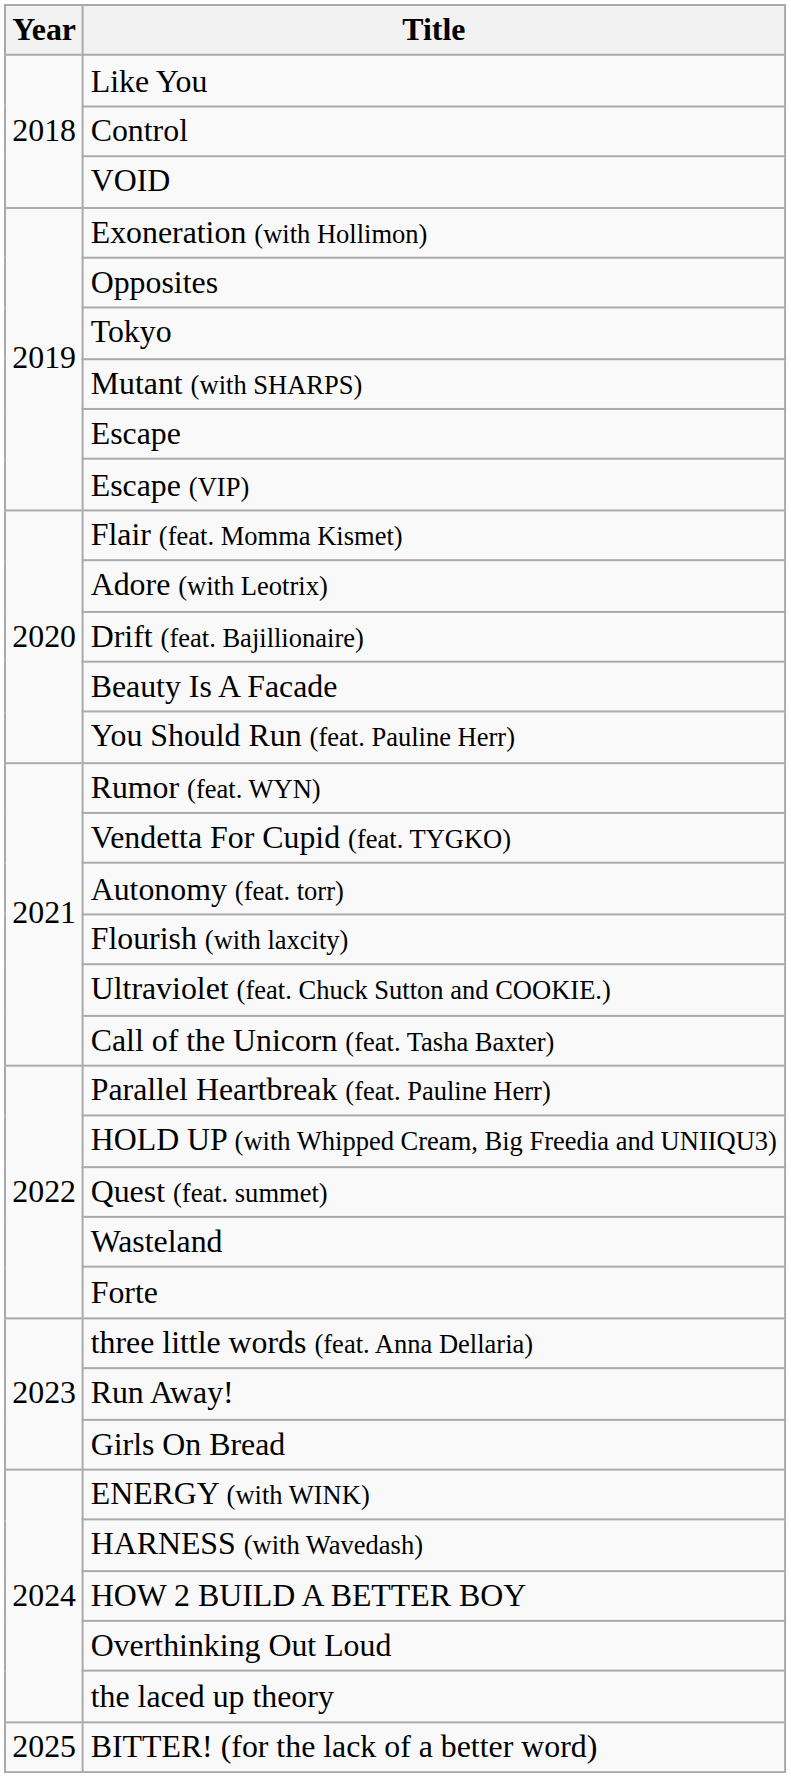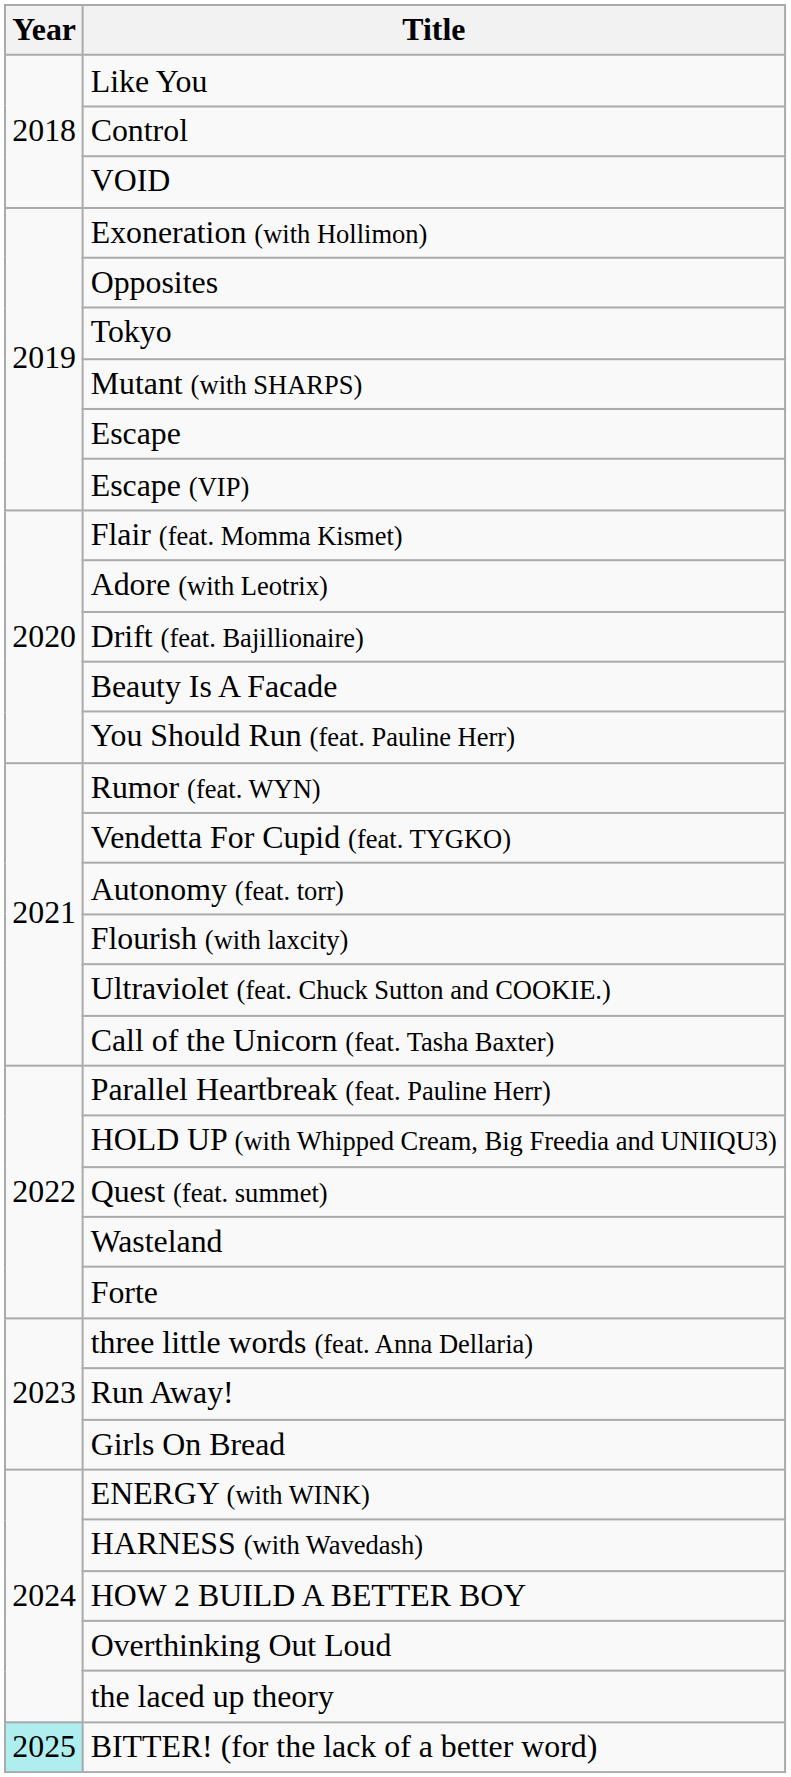 <table class="wikitable">
 <tr>
 <th>Year</th>
 <th>Title</th>
 </tr>
 <tr>
 <td rowspan="3">2018</td>
 <td>Like You</td>
 </tr>
 <tr>
 <td>Control</td>
 </tr>
 <tr>
 <td>VOID</td>
 </tr>
 <tr>
 <td rowspan="6">2019</td>
 <td>Exoneration <small>(</small><small>with Hollimon)</small></td>
 </tr>
 <tr>
 <td>Opposites</td>
 </tr>
 <tr>
 <td>Tokyo</td>
 </tr>
 <tr>
 <td>Mutant <small>(</small><small>with SHARPS)</small></td>
 </tr>
 <tr>
 <td>Escape</td>
 </tr>
 <tr>
 <td>Escape <small>(</small><small>VIP)</small></td>
 </tr>
 <tr>
 <td rowspan="5">2020</td>
 <td>Flair <small>(</small><small>feat. Momma Kismet)</small></td>
 </tr>
 <tr>
 <td>Adore <small>(</small><small>with Leotrix)</small></td>
 </tr>
 <tr>
 <td>Drift <small>(</small><small>feat. Bajillionaire)</small></td>
 </tr>
 <tr>
 <td>Beauty Is A Facade<small></small></td>
 </tr>
 <tr>
 <td>You Should Run <small>(</small><small>feat. Pauline Herr)</small></td>
 </tr>
 <tr>
 <td rowspan="6">2021</td>
 <td>Rumor <small>(</small><small>feat. WYN)</small></td>
 </tr>
 <tr>
 <td>Vendetta For Cupid <small>(</small><small>feat. TYGKO)</small></td>
 </tr>
 <tr>
 <td>Autonomy <small>(</small><small>feat. torr)</small></td>
 </tr>
 <tr>
 <td>Flourish <small>(</small><small>with laxcity)</small></td>
 </tr>
 <tr>
 <td>Ultraviolet <small>(</small><small>feat. Chuck Sutton and COOKIE.)</small></td>
 </tr>
 <tr>
 <td>Call of the Unicorn <small>(</small><small>feat. Tasha Baxter)</small></td>
 </tr>
 <tr>
 <td rowspan="5">2022</td>
 <td>Parallel Heartbreak <small>(</small><small>feat. Pauline Herr)</small></td>
 </tr>
 <tr>
 <td>HOLD UP <small>(</small><small>with Whipped Cream, Big Freedia and UNIIQU3)</small></td>
 </tr>
 <tr>
 <td>Quest <small>(</small><small>feat. summet)</small></td>
 </tr>
 <tr>
 <td>Wasteland</td>
 </tr>
 <tr>
 <td>Forte</td>
 </tr>
 <tr>
 <td rowspan="3">2023</td>
 <td>three little words <small>(</small><small>feat. Anna Dellaria)</small></td>
 </tr>
 <tr>
 <td>Run Away!</td>
 </tr>
 <tr>
 <td>Girls On Bread</td>
 </tr>
 <tr>
 <td rowspan="5">2024</td>
 <td>ENERGY <small>(with WINK)</small></td>
 </tr>
 <tr>
 <td>HARNESS <small>(with Wavedash)</small></td>
 </tr>
 <tr>
 <td>HOW 2 BUILD A BETTER BOY</td>
 </tr>
 <tr>
 <td>Overthinking Out Loud</td>
 </tr>
 <tr>
 <td>the laced up theory</td>
 </tr>
 <tr>
-<td>2025</td>
+<td style="background: paleturquoise;">2025</td>
 <td>BITTER! (for the lack of a better word)</td>
 </tr>
 </table>
